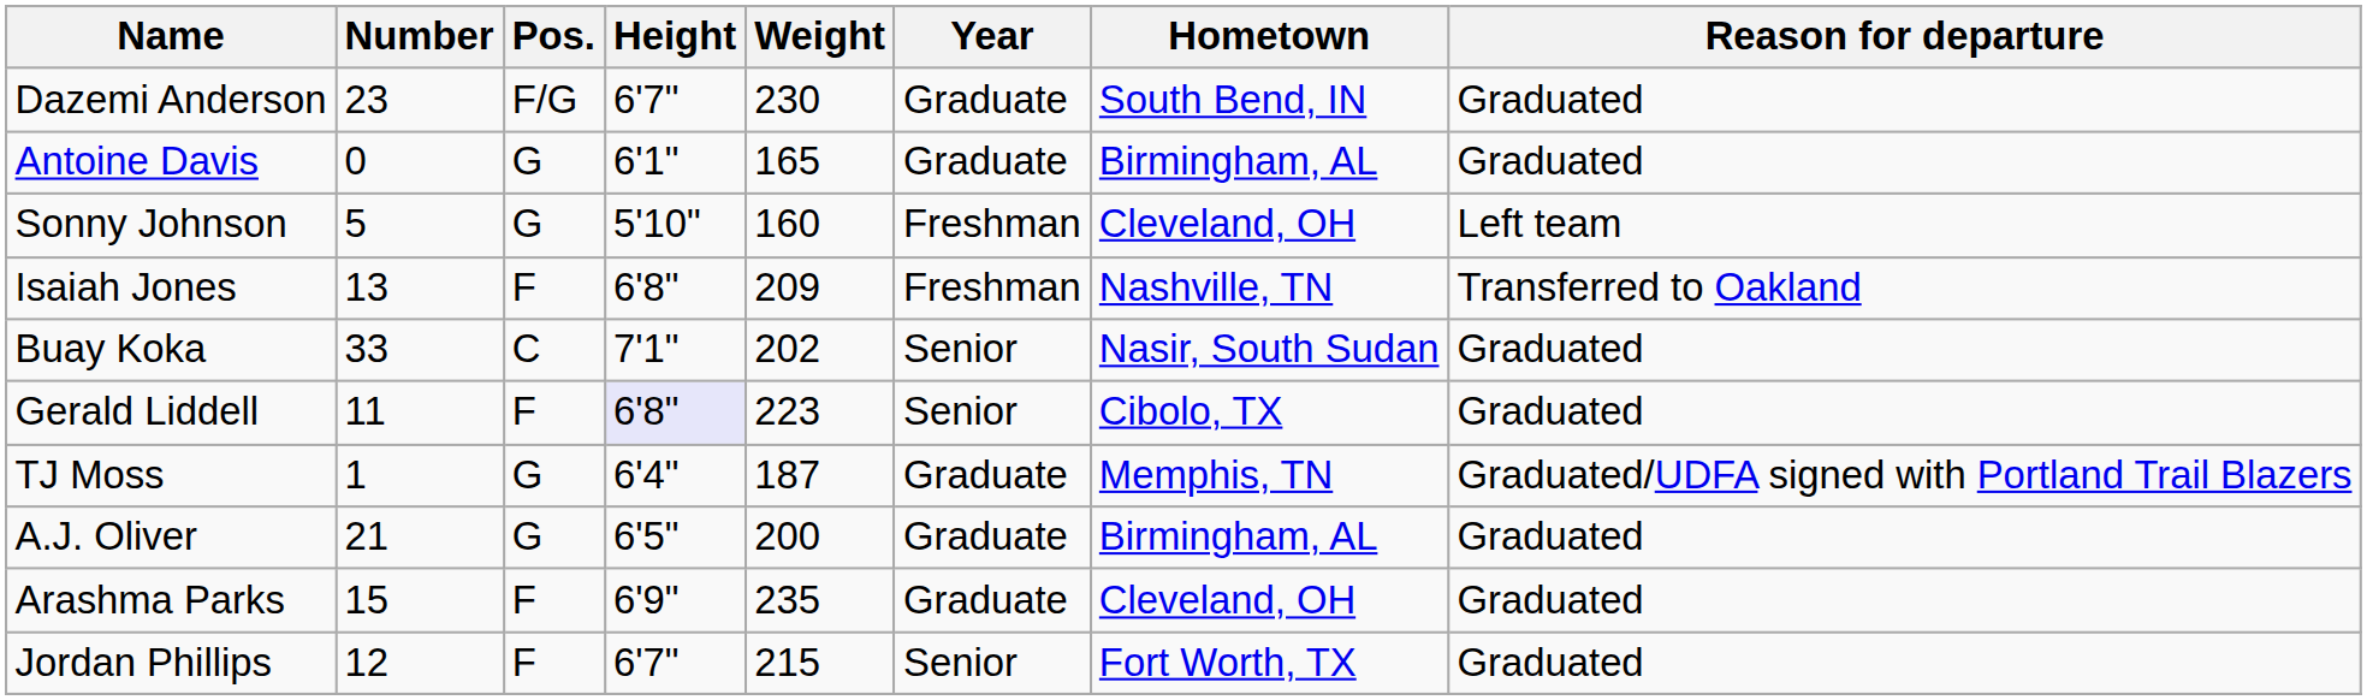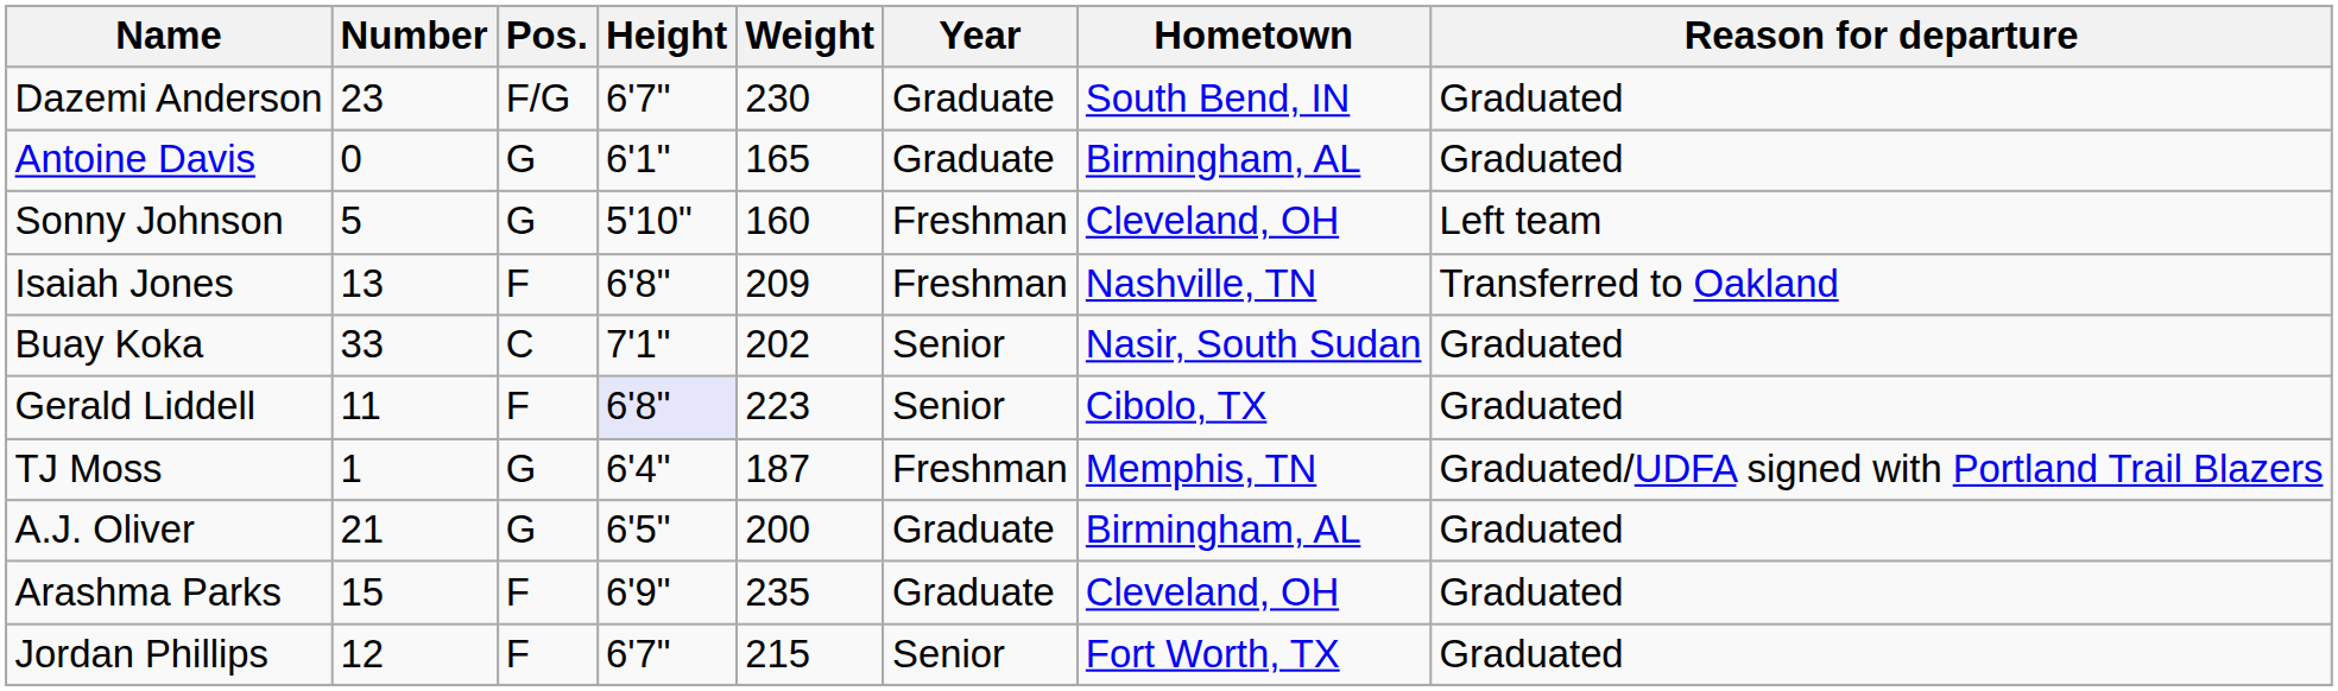 <table class="wikitable sortable" border="1">
 <tr>
 <th>Name</th>
 <th>Number</th>
 <th>Pos.</th>
 <th>Height</th>
 <th>Weight</th>
 <th>Year</th>
 <th>Hometown</th>
 <th>Reason for departure</th>
 </tr>
 <tr>
 <td>Dazemi Anderson</td>
 <td>23</td>
 <td>F/G</td>
 <td>6'7"</td>
 <td>230</td>
 <td>Graduate</td>
 <td><a href='#'>South Bend, IN</a></td>
 <td>Graduated</td>
 </tr>
 <tr>
 <td><a href='#'>Antoine Davis</a></td>
 <td>0</td>
 <td>G</td>
 <td>6'1"</td>
 <td>165</td>
 <td>Graduate</td>
 <td><a href='#'>Birmingham, AL</a></td>
 <td>Graduated</td>
 </tr>
 <tr>
 <td>Sonny Johnson</td>
 <td>5</td>
 <td>G</td>
 <td>5'10"</td>
 <td>160</td>
 <td>Freshman</td>
 <td><a href='#'>Cleveland, OH</a></td>
 <td>Left team</td>
 </tr>
 <tr>
 <td>Isaiah Jones</td>
 <td>13</td>
 <td>F</td>
 <td>6'8"</td>
 <td>209</td>
 <td>Freshman</td>
 <td><a href='#'>Nashville, TN</a></td>
 <td>Transferred to <a href='#'>Oakland</a></td>
 </tr>
 <tr>
 <td>Buay Koka</td>
 <td>33</td>
 <td>C</td>
 <td>7'1"</td>
 <td>202</td>
 <td>Senior</td>
 <td><a href='#'>Nasir, South Sudan</a></td>
 <td>Graduated</td>
 </tr>
 <tr>
 <td>Gerald Liddell</td>
 <td>11</td>
 <td>F</td>
 <td style="background: lavender;">6'8"</td>
 <td>223</td>
 <td>Senior</td>
 <td><a href='#'>Cibolo, TX</a></td>
 <td>Graduated</td>
 </tr>
 <tr>
 <td>TJ Moss</td>
 <td>1</td>
 <td>G</td>
 <td>6'4"</td>
 <td>187</td>
-<td>Graduate</td>
+<td>Freshman</td>
 <td><a href='#'>Memphis, TN</a></td>
 <td>Graduated/<a href='#'>UDFA</a> signed with <a href='#'>Portland Trail Blazers</a></td>
 </tr>
 <tr>
 <td>A.J. Oliver</td>
 <td>21</td>
 <td>G</td>
 <td>6'5"</td>
 <td>200</td>
 <td>Graduate</td>
 <td><a href='#'>Birmingham, AL</a></td>
 <td>Graduated</td>
 </tr>
 <tr>
 <td>Arashma Parks</td>
 <td>15</td>
 <td>F</td>
 <td>6'9"</td>
 <td>235</td>
 <td>Graduate</td>
 <td><a href='#'>Cleveland, OH</a></td>
 <td>Graduated</td>
 </tr>
 <tr>
 <td>Jordan Phillips</td>
 <td>12</td>
 <td>F</td>
 <td>6'7"</td>
 <td>215</td>
 <td>Senior</td>
 <td><a href='#'>Fort Worth, TX</a></td>
 <td>Graduated</td>
 </tr>
 <tr>
 </tr>
 </table>
